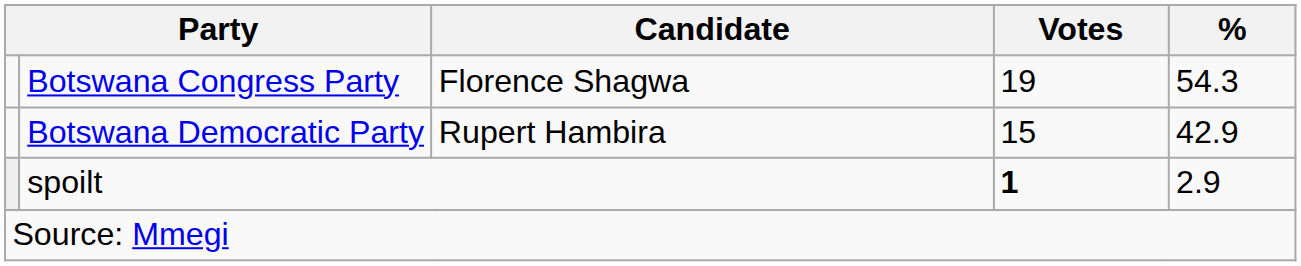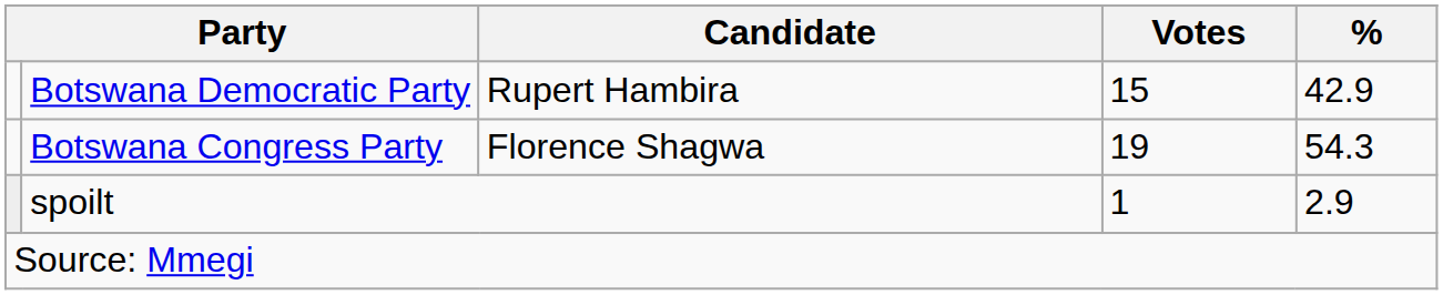 <table class="wikitable">
 <tr style="background-color:#E9E9E9">
 </tr>
 <tr style="background-color:#E9E9E9">
 <th colspan=2 style="width: 130px">Party</th>
 <th style="width: 17em">Candidate</th>
 <th style="width: 5em">Votes</th>
 <th style="width: 3.5em">%</th>
 </tr>
 <tr>
 <td></td>
+<td><a href='#'>Botswana Democratic Party</a></td>
+<td>Rupert Hambira</td>
+<td>15</td>
+<td>42.9</td>
+</tr>
+<tr>
+<td></td>
 <td><a href='#'>Botswana Congress Party</a></td>
 <td>Florence Shagwa</td>
 <td>19</td>
 <td>54.3</td>
 </tr>
 <tr>
-<td></td>
-<td><a href='#'>Botswana Democratic Party</a></td>
-<td>Rupert Hambira</td>
-<td>15</td>
-<td>42.9</td>
-</tr>
-<tr>
 <td bgcolor="#eeeeee"></td>
 <td colspan=2>spoilt</td>
-<td><strong>1</strong></td>
+<td>1</td>
 <td>2.9</td>
 </tr>
 <tr>
 <td colspan=5>Source: <a href='#'>Mmegi</a></td>
 </tr>
 </table>
